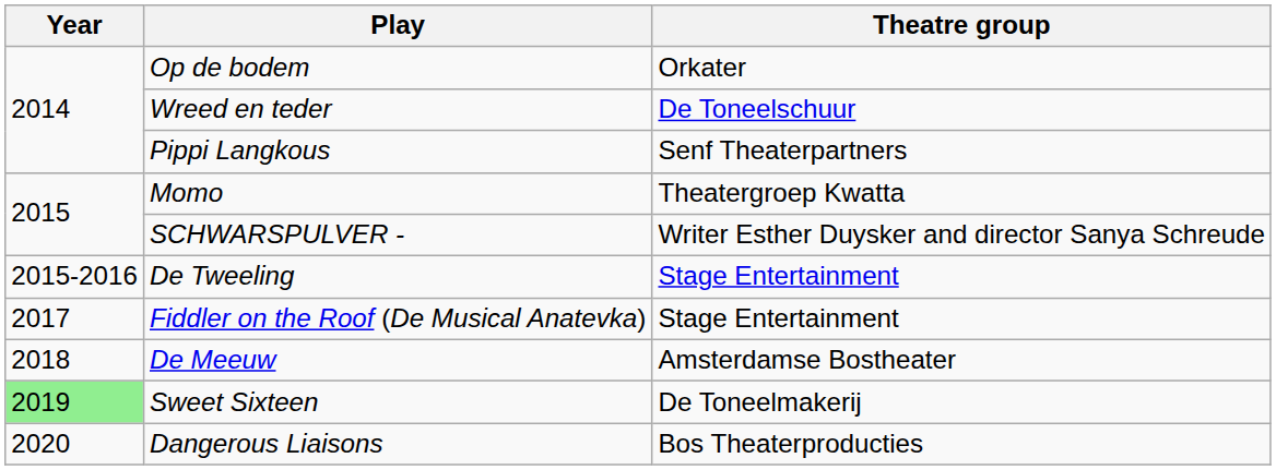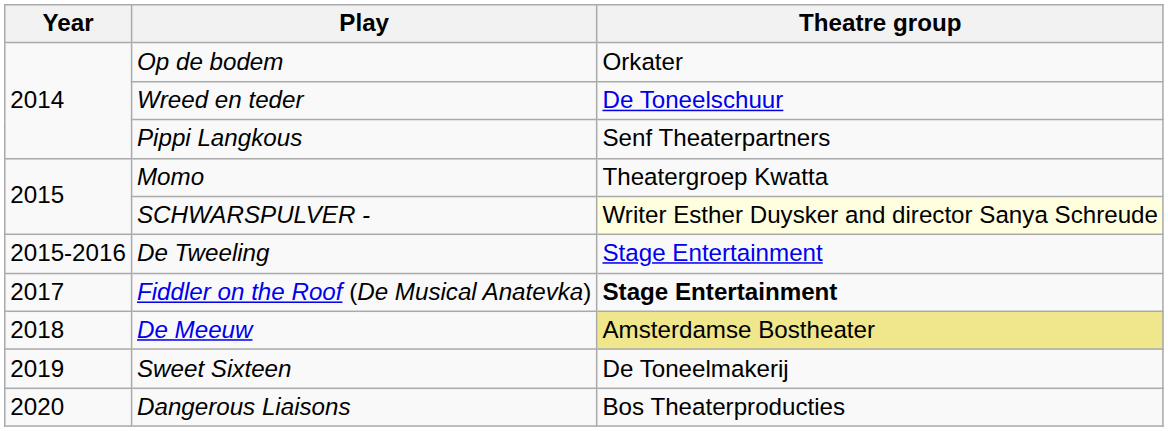 <table class="wikitable">
 <tr>
 <th>Year</th>
 <th>Play</th>
 <th>Theatre group</th>
 </tr>
 <tr>
 <td rowspan="3">2014</td>
 <td><em>Op de bodem</em></td>
 <td>Orkater</td>
 </tr>
 <tr>
 <td><em>Wreed en teder</em></td>
 <td><a href='#'>De Toneelschuur</a></td>
 </tr>
 <tr>
 <td><em>Pippi Langkous</em></td>
 <td>Senf Theaterpartners</td>
 </tr>
 <tr>
 <td rowspan="2">2015</td>
 <td><em>Momo</em></td>
 <td>Theatergroep Kwatta</td>
 </tr>
 <tr>
 <td><em>SCHWARSPULVER -</em></td>
-<td>Writer Esther Duysker and director Sanya Schreude</td>
+<td style="background: lightyellow;">Writer Esther Duysker and director Sanya Schreude</td>
 </tr>
 <tr>
 <td>2015-2016</td>
 <td><em>De Tweeling</em></td>
 <td><a href='#'>Stage Entertainment</a></td>
 </tr>
 <tr>
 <td>2017</td>
 <td><em><a href='#'>Fiddler on the Roof</a></em> (<em>De Musical Anatevka</em>)</td>
-<td>Stage Entertainment</td>
+<td><strong>Stage Entertainment</strong></td>
 </tr>
 <tr>
 <td>2018</td>
 <td><em><a href='#'>De Meeuw</a></em></td>
-<td>Amsterdamse Bostheater</td>
+<td style="background: khaki;">Amsterdamse Bostheater</td>
 </tr>
 <tr>
-<td style="background: lightgreen;">2019</td>
+<td>2019</td>
 <td><em>Sweet Sixteen</em></td>
 <td>De Toneelmakerij</td>
 </tr>
 <tr>
 <td>2020</td>
 <td><em>Dangerous Liaisons</em></td>
 <td>Bos Theaterproducties</td>
 </tr>
 </table>
